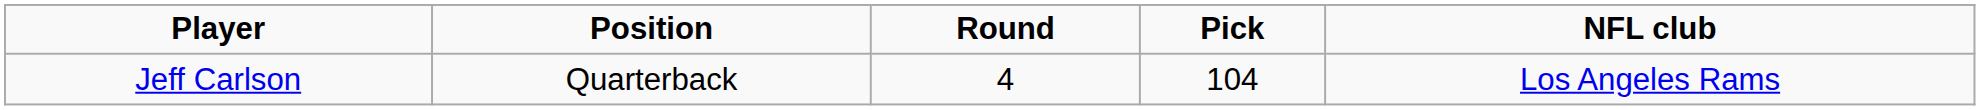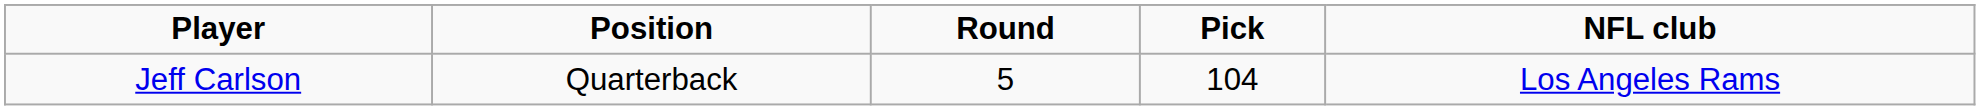 <table class="wikitable" width="80%">
 <tr align="center">
 <td><strong>Player</strong></td>
 <td><strong>Position</strong></td>
 <td><strong>Round</strong></td>
 <td><strong>Pick</strong></td>
 <td><strong>NFL club</strong></td>
 </tr>
 <tr align="center" bgcolor="">
 <td><a href='#'>Jeff Carlson</a></td>
 <td>Quarterback</td>
-<td>4</td>
+<td>5</td>
 <td>104</td>
 <td><a href='#'>Los Angeles Rams</a></td>
 </tr>
 </table>
